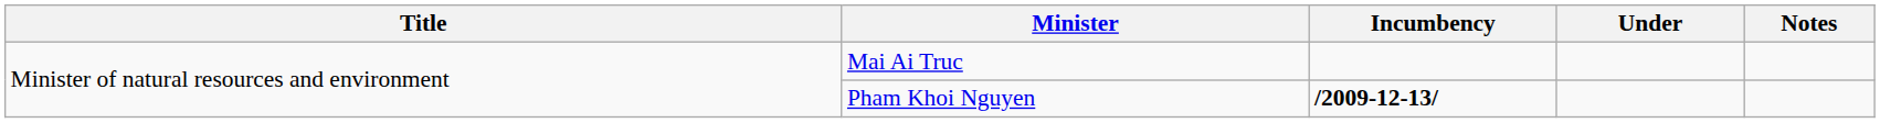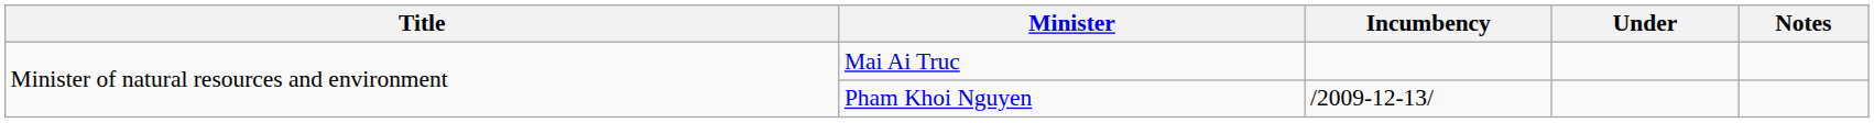 <table class="wikitable" style="width:100%;">
 <tr>
 <th>Title</th>
 <th style="width:25%;"><a href='#'>Minister</a></th>
 <th style="width:160px;">Incumbency</th>
 <th style="width:10%;">Under</th>
 <th style="width:7%;">Notes</th>
 </tr>
 <tr>
 <td rowspan="2">Minister of natural resources and environment</td>
 <td><a href='#'>Mai Ai Truc</a></td>
 <td></td>
 <td></td>
 <td></td>
 </tr>
 <tr>
 <td><a href='#'>Pham Khoi Nguyen</a></td>
-<td><strong>/2009-12-13/</strong></td>
+<td>/2009-12-13/</td>
 <td></td>
 <td></td>
 </tr>
 </table>
